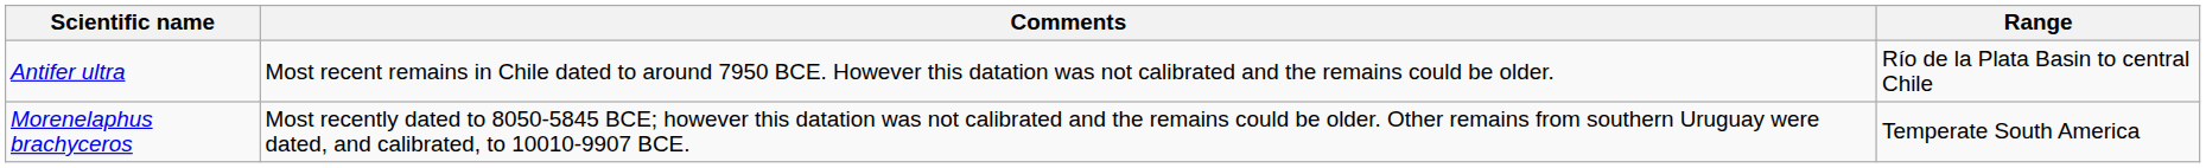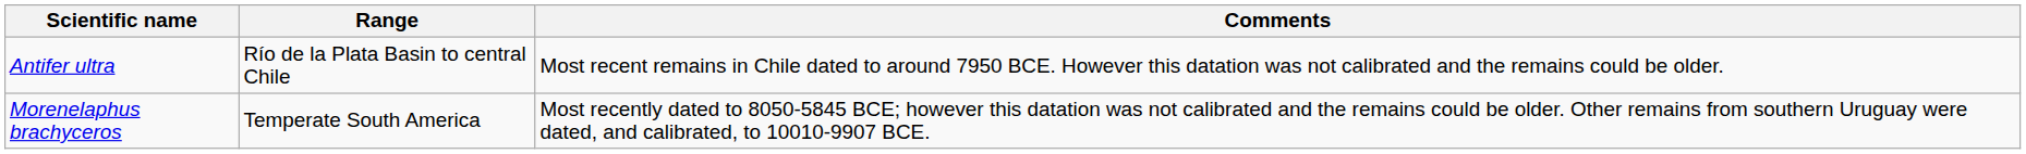 <table class="wikitable">
 <tr>
 <th>Scientific name</th>
+<th>Range</th>
 <th class="unsortable">Comments</th>
-<th>Range</th>
 </tr>
 <tr>
 <td><em><a href='#'>Antifer ultra</a></em></td>
+<td>Río de la Plata Basin to central Chile</td>
 <td>Most recent remains in Chile dated to around 7950 BCE. However this datation was not calibrated and the remains could be older.</td>
-<td>Río de la Plata Basin to central Chile</td>
 </tr>
 <tr>
 <td><em><a href='#'>Morenelaphus brachyceros</a></em></td>
+<td>Temperate South America</td>
 <td>Most recently dated to 8050-5845 BCE; however this datation was not calibrated and the remains could be older. Other remains from southern Uruguay were dated, and calibrated, to 10010-9907 BCE.</td>
-<td>Temperate South America</td>
 </tr>
 </table>
